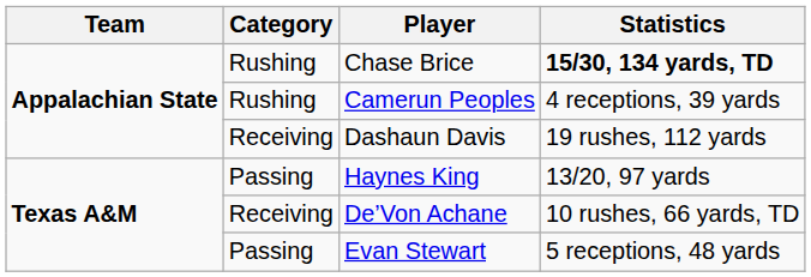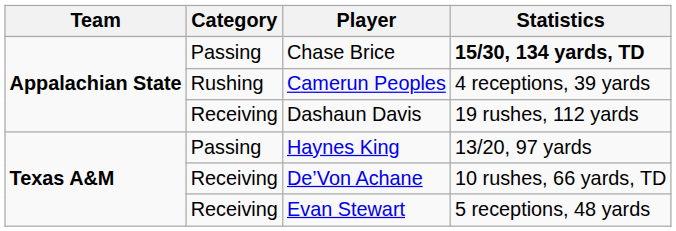 <table class="wikitable" style="float: right;">
 <tr>
 <th>Team</th>
 <th>Category</th>
 <th>Player</th>
 <th>Statistics</th>
 </tr>
 <tr>
 <td rowspan=3><strong>Appalachian State</strong></td>
-<td>Rushing</td>
+<td>Passing</td>
 <td>Chase Brice</td>
 <td><strong>15/30, 134 yards, TD</strong></td>
 </tr>
 <tr>
 <td>Rushing</td>
 <td><a href='#'>Camerun Peoples</a></td>
 <td>4 receptions, 39 yards</td>
 </tr>
 <tr>
 <td>Receiving</td>
 <td>Dashaun Davis</td>
 <td>19 rushes, 112 yards</td>
 </tr>
 <tr>
 <td rowspan=3><strong>Texas A&M</strong></td>
 <td>Passing</td>
 <td><a href='#'>Haynes King</a></td>
 <td>13/20, 97 yards</td>
 </tr>
 <tr>
 <td>Receiving</td>
 <td><a href='#'>De’Von Achane</a></td>
 <td>10 rushes, 66 yards, TD</td>
 </tr>
 <tr>
-<td>Passing</td>
+<td>Receiving</td>
 <td><a href='#'>Evan Stewart</a></td>
 <td>5 receptions, 48 yards</td>
 </tr>
 </table>
